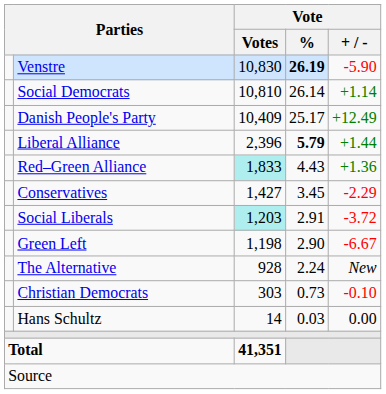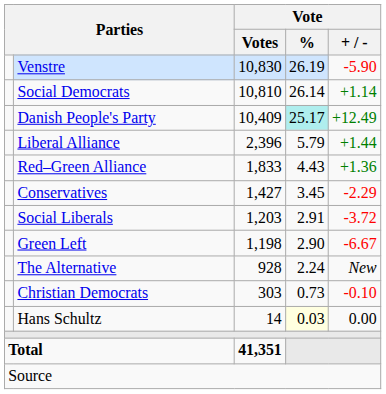 <table class="wikitable" style="text-align:right;">
 <tr>
 <th style="text-align:centre;" rowspan="2" colspan="2" width="225">Parties</th>
 <th colspan="3">Vote</th>
 </tr>
 <tr>
 <th width="15">Votes</th>
 <th width="15">%</th>
 <th width="15">+ / -</th>
 </tr>
 <tr>
 <td width="2" style="color:inherit;background:"></td>
 <td bgcolor=#cfe5fe  align="left"><a href='#'>Venstre</a></td>
 <td bgcolor=#cfe5fe>10,830</td>
-<td bgcolor=#cfe5fe><strong>26.19</strong></td>
+<td bgcolor=#cfe5fe>26.19</td>
 <td style=color:red;>-5.90</td>
 </tr>
 <tr>
 <td width="2" style="color:inherit;background:"></td>
 <td align="left"><a href='#'>Social Democrats</a></td>
 <td>10,810</td>
 <td>26.14</td>
 <td style=color:green;>+1.14</td>
 </tr>
 <tr>
 <td width="2" style="color:inherit;background:"></td>
 <td align="left"><a href='#'>Danish People's Party</a></td>
 <td>10,409</td>
-<td>25.17</td>
+<td style="background: paleturquoise;">25.17</td>
 <td style=color:green;>+12.49</td>
 </tr>
 <tr>
 <td width="2" style="color:inherit;background:"></td>
 <td align="left"><a href='#'>Liberal Alliance</a></td>
 <td>2,396</td>
-<td><strong>5.79</strong></td>
+<td>5.79</td>
 <td style=color:green;>+1.44</td>
 </tr>
 <tr>
 <td width="2" style="color:inherit;background:"></td>
 <td align="left"><a href='#'>Red–Green Alliance</a></td>
-<td style="background: paleturquoise;">1,833</td>
+<td>1,833</td>
 <td>4.43</td>
 <td style=color:green;>+1.36</td>
 </tr>
 <tr>
 <td width="2" style="color:inherit;background:"></td>
 <td align="left"><a href='#'>Conservatives</a></td>
 <td>1,427</td>
 <td>3.45</td>
 <td style=color:red;>-2.29</td>
 </tr>
 <tr>
 <td width="2" style="color:inherit;background:"></td>
 <td align="left"><a href='#'>Social Liberals</a></td>
-<td style="background: paleturquoise;">1,203</td>
+<td>1,203</td>
 <td>2.91</td>
 <td style=color:red;>-3.72</td>
 </tr>
 <tr>
 <td width="2" style="color:inherit;background:"></td>
 <td align="left"><a href='#'>Green Left</a></td>
 <td>1,198</td>
 <td>2.90</td>
 <td style=color:red;>-6.67</td>
 </tr>
 <tr>
 <td width="2" style="color:inherit;background:"></td>
 <td align="left"><a href='#'>The Alternative</a></td>
 <td>928</td>
 <td>2.24</td>
 <td><em>New</em></td>
 </tr>
 <tr>
 <td width="2" style="color:inherit;background:"></td>
 <td align="left"><a href='#'>Christian Democrats</a></td>
 <td>303</td>
 <td>0.73</td>
 <td style=color:red;>-0.10</td>
 </tr>
 <tr>
 <td width="2" style="color:inherit;background:"></td>
 <td align="left">Hans Schultz</td>
 <td>14</td>
-<td>0.03</td>
+<td style="background: lightyellow;">0.03</td>
 <td>0.00</td>
 </tr>
 <tr>
 <td colspan="7" bgcolor="#E9E9E9"></td>
 </tr>
 <tr>
 <td align="left" colspan="2"><strong>Total</strong></td>
 <td><strong>41,351</strong></td>
 <td bgcolor="#E9E9E9" colspan="2"></td>
 </tr>
 <tr>
 <td align="left" colspan="6">Source</td>
 </tr>
 </table>
